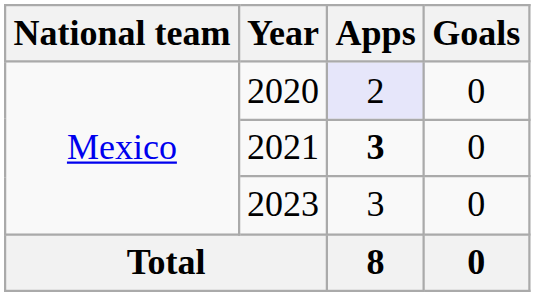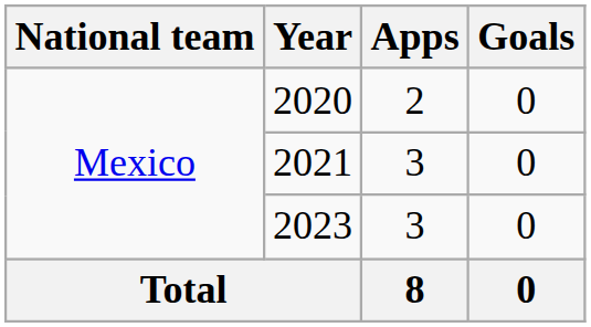 <table class="wikitable" style="text-align: center;">
 <tr>
 <th>National team</th>
 <th>Year</th>
 <th>Apps</th>
 <th>Goals</th>
 </tr>
 <tr>
 <td rowspan="3" valign="center"><a href='#'>Mexico</a></td>
 <td>2020</td>
-<td style="background: lavender;">2</td>
+<td>2</td>
 <td>0</td>
 </tr>
 <tr>
 <td>2021</td>
-<td><strong>3</strong></td>
+<td>3</td>
 <td>0</td>
 </tr>
 <tr>
 <td>2023</td>
 <td>3</td>
 <td>0</td>
 </tr>
 <tr>
 <th colspan="2">Total</th>
 <th>8</th>
 <th>0</th>
 </tr>
 </table>
